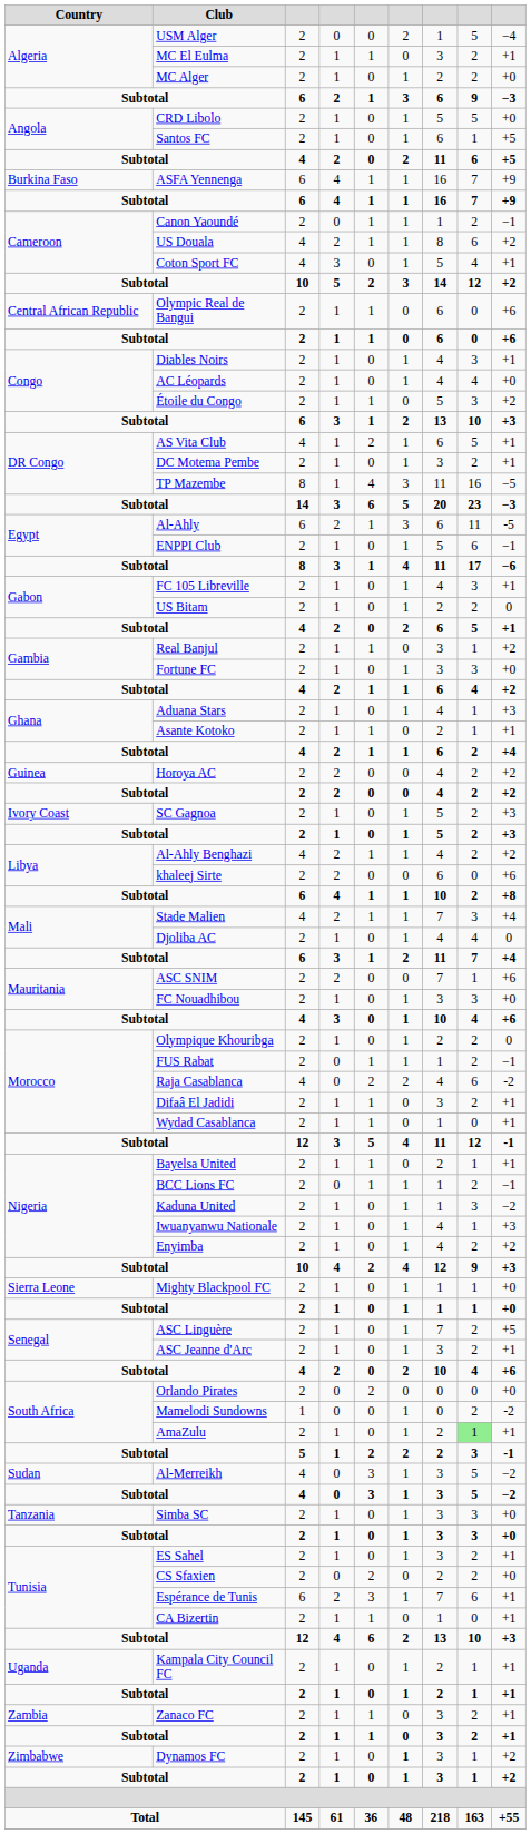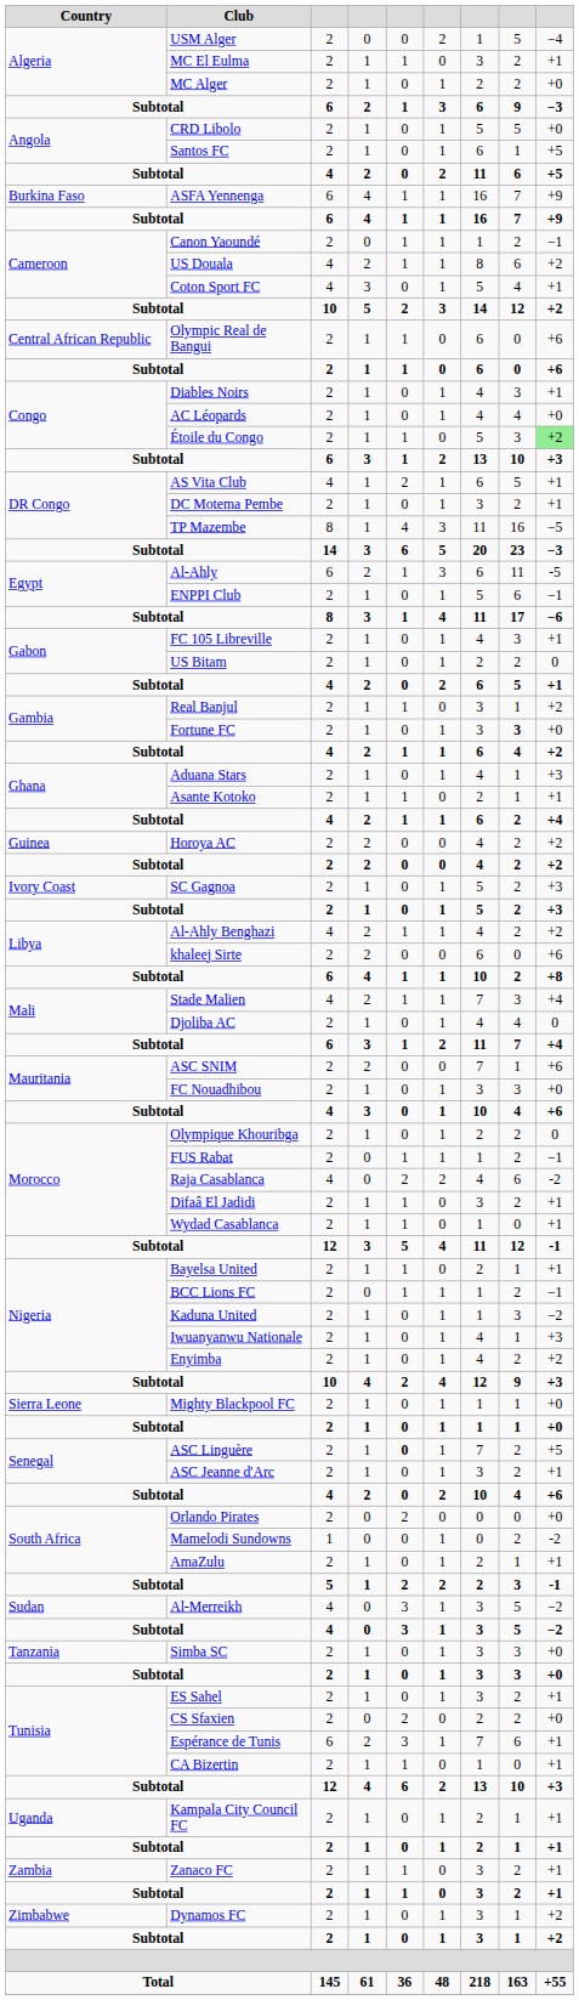 <table class="wikitable" style="text-align: center;">
 <tr>
 <th width="175" style="background:#DCDCDC">Country</th>
 <th width="155" style="background:#DCDCDC">Club</th>
 <th width="35" style="background:#DCDCDC"></th>
 <th width="35" style="background:#DCDCDC"></th>
 <th width="35" style="background:#DCDCDC"></th>
 <th width="35" style="background:#DCDCDC"></th>
 <th width="35" style="background:#DCDCDC"></th>
 <th width="35" style="background:#DCDCDC"></th>
 <th width="35" style="background:#DCDCDC"></th>
 </tr>
 <tr>
 <td rowspan=3 align=left> <a href='#'>Algeria</a></td>
 <td align=left><a href='#'>USM Alger</a></td>
 <td>2</td>
 <td>0</td>
 <td>0</td>
 <td>2</td>
 <td>1</td>
 <td>5</td>
 <td>−4</td>
 </tr>
 <tr>
 <td align=left><a href='#'>MC El Eulma</a></td>
 <td>2</td>
 <td>1</td>
 <td>1</td>
 <td>0</td>
 <td>3</td>
 <td>2</td>
 <td>+1</td>
 </tr>
 <tr>
 <td align=left><a href='#'>MC Alger</a></td>
 <td>2</td>
 <td>1</td>
 <td>0</td>
 <td>1</td>
 <td>2</td>
 <td>2</td>
 <td>+0</td>
 </tr>
 <tr>
 <td colspan=2 align-"center"><strong>Subtotal</strong></td>
 <td><strong>6</strong></td>
 <td><strong>2</strong></td>
 <td><strong>1</strong></td>
 <td><strong>3</strong></td>
 <td><strong>6</strong></td>
 <td><strong>9</strong></td>
 <td><strong>−3</strong></td>
 </tr>
 <tr>
 <td rowspan=2 align=left> <a href='#'>Angola</a></td>
 <td align=left><a href='#'>CRD Libolo</a></td>
 <td>2</td>
 <td>1</td>
 <td>0</td>
 <td>1</td>
 <td>5</td>
 <td>5</td>
 <td>+0</td>
 </tr>
 <tr>
 <td align=left><a href='#'>Santos FC</a></td>
 <td>2</td>
 <td>1</td>
 <td>0</td>
 <td>1</td>
 <td>6</td>
 <td>1</td>
 <td>+5</td>
 </tr>
 <tr>
 <td colspan=2 align-"center"><strong>Subtotal</strong></td>
 <td><strong>4</strong></td>
 <td><strong>2</strong></td>
 <td><strong>0</strong></td>
 <td><strong>2</strong></td>
 <td><strong>11</strong></td>
 <td><strong>6</strong></td>
 <td><strong>+5</strong></td>
 </tr>
 <tr>
 <td align=left> <a href='#'>Burkina Faso</a></td>
 <td align=left><a href='#'>ASFA Yennenga</a></td>
 <td>6</td>
 <td>4</td>
 <td>1</td>
 <td>1</td>
 <td>16</td>
 <td>7</td>
 <td>+9</td>
 </tr>
 <tr>
 <td colspan=2 align-"center"><strong>Subtotal</strong></td>
 <td><strong>6</strong></td>
 <td><strong>4</strong></td>
 <td><strong>1</strong></td>
 <td><strong>1</strong></td>
 <td><strong>16</strong></td>
 <td><strong>7</strong></td>
 <td><strong>+9</strong></td>
 </tr>
 <tr>
 <td rowspan=3 align=left> <a href='#'>Cameroon</a></td>
 <td align=left><a href='#'>Canon Yaoundé</a></td>
 <td>2</td>
 <td>0</td>
 <td>1</td>
 <td>1</td>
 <td>1</td>
 <td>2</td>
 <td>−1</td>
 </tr>
 <tr>
 <td align=left><a href='#'>US Douala</a></td>
 <td>4</td>
 <td>2</td>
 <td>1</td>
 <td>1</td>
 <td>8</td>
 <td>6</td>
 <td>+2</td>
 </tr>
 <tr>
 <td align=left><a href='#'>Coton Sport FC</a></td>
 <td>4</td>
 <td>3</td>
 <td>0</td>
 <td>1</td>
 <td>5</td>
 <td>4</td>
 <td>+1</td>
 </tr>
 <tr>
 <td colspan=2 align-"center"><strong>Subtotal</strong></td>
 <td><strong>10</strong></td>
 <td><strong>5</strong></td>
 <td><strong>2</strong></td>
 <td><strong>3</strong></td>
 <td><strong>14</strong></td>
 <td><strong>12</strong></td>
 <td><strong>+2</strong></td>
 </tr>
 <tr>
 <td align=left> <a href='#'>Central African Republic</a></td>
 <td align=left><a href='#'>Olympic Real de Bangui</a></td>
 <td>2</td>
 <td>1</td>
 <td>1</td>
 <td>0</td>
 <td>6</td>
 <td>0</td>
 <td>+6</td>
 </tr>
 <tr>
 <td colspan=2 align-"center"><strong>Subtotal</strong></td>
 <td><strong>2</strong></td>
 <td><strong>1</strong></td>
 <td><strong>1</strong></td>
 <td><strong>0</strong></td>
 <td><strong>6</strong></td>
 <td><strong>0</strong></td>
 <td><strong>+6</strong></td>
 </tr>
 <tr>
 <td rowspan=3 align=left> <a href='#'>Congo</a></td>
 <td align=left><a href='#'>Diables Noirs</a></td>
 <td>2</td>
 <td>1</td>
 <td>0</td>
 <td>1</td>
 <td>4</td>
 <td>3</td>
 <td>+1</td>
 </tr>
 <tr>
 <td align=left><a href='#'>AC Léopards</a></td>
 <td>2</td>
 <td>1</td>
 <td>0</td>
 <td>1</td>
 <td>4</td>
 <td>4</td>
 <td>+0</td>
 </tr>
 <tr>
 <td align=left><a href='#'>Étoile du Congo</a></td>
 <td>2</td>
 <td>1</td>
 <td>1</td>
 <td>0</td>
 <td>5</td>
 <td>3</td>
-<td>+2</td>
+<td style="background: lightgreen;">+2</td>
 </tr>
 <tr>
 <td colspan=2 align-"center"><strong>Subtotal</strong></td>
 <td><strong>6</strong></td>
 <td><strong>3</strong></td>
 <td><strong>1</strong></td>
 <td><strong>2</strong></td>
 <td><strong>13</strong></td>
 <td><strong>10</strong></td>
 <td><strong>+3</strong></td>
 </tr>
 <tr>
 <td rowspan=3 align=left> <a href='#'>DR Congo</a></td>
 <td align=left><a href='#'>AS Vita Club</a></td>
 <td>4</td>
 <td>1</td>
 <td>2</td>
 <td>1</td>
 <td>6</td>
 <td>5</td>
 <td>+1</td>
 </tr>
 <tr>
 <td align=left><a href='#'>DC Motema Pembe</a></td>
 <td>2</td>
 <td>1</td>
 <td>0</td>
 <td>1</td>
 <td>3</td>
 <td>2</td>
 <td>+1</td>
 </tr>
 <tr>
 <td align=left><a href='#'>TP Mazembe</a></td>
 <td>8</td>
 <td>1</td>
 <td>4</td>
 <td>3</td>
 <td>11</td>
 <td>16</td>
 <td>−5</td>
 </tr>
 <tr>
 <td colspan=2 align-"center"><strong>Subtotal</strong></td>
 <td><strong>14</strong></td>
 <td><strong>3</strong></td>
 <td><strong>6</strong></td>
 <td><strong>5</strong></td>
 <td><strong>20</strong></td>
 <td><strong>23</strong></td>
 <td><strong>−3</strong></td>
 </tr>
 <tr>
 <td rowspan=2 align=left> <a href='#'>Egypt</a></td>
 <td align=left><a href='#'>Al-Ahly</a></td>
 <td>6</td>
 <td>2</td>
 <td>1</td>
 <td>3</td>
 <td>6</td>
 <td>11</td>
 <td>-5</td>
 </tr>
 <tr>
 <td align=left><a href='#'>ENPPI Club</a></td>
 <td>2</td>
 <td>1</td>
 <td>0</td>
 <td>1</td>
 <td>5</td>
 <td>6</td>
 <td>−1</td>
 </tr>
 <tr>
 <td colspan=2 align-"center"><strong>Subtotal</strong></td>
 <td><strong>8</strong></td>
 <td><strong>3</strong></td>
 <td><strong>1</strong></td>
 <td><strong>4</strong></td>
 <td><strong>11</strong></td>
 <td><strong>17</strong></td>
 <td><strong>−6</strong></td>
 </tr>
 <tr>
 <td rowspan=2 align=left> <a href='#'>Gabon</a></td>
 <td align=left><a href='#'>FC 105 Libreville</a></td>
 <td>2</td>
 <td>1</td>
 <td>0</td>
 <td>1</td>
 <td>4</td>
 <td>3</td>
 <td>+1</td>
 </tr>
 <tr>
 <td align=left><a href='#'>US Bitam</a></td>
 <td>2</td>
 <td>1</td>
 <td>0</td>
 <td>1</td>
 <td>2</td>
 <td>2</td>
 <td>0</td>
 </tr>
 <tr>
 <td colspan=2 align-"center"><strong>Subtotal</strong></td>
 <td><strong>4</strong></td>
 <td><strong>2</strong></td>
 <td><strong>0</strong></td>
 <td><strong>2</strong></td>
 <td><strong>6</strong></td>
 <td><strong>5</strong></td>
 <td><strong>+1</strong></td>
 </tr>
 <tr>
 <td rowspan=2 align=left> <a href='#'>Gambia</a></td>
 <td align=left><a href='#'>Real Banjul</a></td>
 <td>2</td>
 <td>1</td>
 <td>1</td>
 <td>0</td>
 <td>3</td>
 <td>1</td>
 <td>+2</td>
 </tr>
 <tr>
 <td align=left><a href='#'>Fortune FC</a></td>
 <td>2</td>
 <td>1</td>
 <td>0</td>
 <td>1</td>
 <td>3</td>
-<td>3</td>
+<td><strong>3</strong></td>
 <td>+0</td>
 </tr>
 <tr>
 <td colspan=2 align-"center"><strong>Subtotal</strong></td>
 <td><strong>4</strong></td>
 <td><strong>2</strong></td>
 <td><strong>1</strong></td>
 <td><strong>1</strong></td>
 <td><strong>6</strong></td>
 <td><strong>4</strong></td>
 <td><strong>+2</strong></td>
 </tr>
 <tr>
 <td rowspan=2 align=left> <a href='#'>Ghana</a></td>
 <td align=left><a href='#'>Aduana Stars</a></td>
 <td>2</td>
 <td>1</td>
 <td>0</td>
 <td>1</td>
 <td>4</td>
 <td>1</td>
 <td>+3</td>
 </tr>
 <tr>
 <td align=left><a href='#'>Asante Kotoko</a></td>
 <td>2</td>
 <td>1</td>
 <td>1</td>
 <td>0</td>
 <td>2</td>
 <td>1</td>
 <td>+1</td>
 </tr>
 <tr>
 <td colspan=2 align-"center"><strong>Subtotal</strong></td>
 <td><strong>4</strong></td>
 <td><strong>2</strong></td>
 <td><strong>1</strong></td>
 <td><strong>1</strong></td>
 <td><strong>6</strong></td>
 <td><strong>2</strong></td>
 <td><strong>+4</strong></td>
 </tr>
 <tr>
 <td rowspan=1 align=left> <a href='#'>Guinea</a></td>
 <td align=left><a href='#'>Horoya AC</a></td>
 <td>2</td>
 <td>2</td>
 <td>0</td>
 <td>0</td>
 <td>4</td>
 <td>2</td>
 <td>+2</td>
 </tr>
 <tr>
 <td colspan=2 align-"center"><strong>Subtotal</strong></td>
 <td><strong>2</strong></td>
 <td><strong>2</strong></td>
 <td><strong>0</strong></td>
 <td><strong>0</strong></td>
 <td><strong>4</strong></td>
 <td><strong>2</strong></td>
 <td><strong>+2</strong></td>
 </tr>
 <tr>
 <td align=left> <a href='#'>Ivory Coast</a></td>
 <td align=left><a href='#'>SC Gagnoa</a></td>
 <td>2</td>
 <td>1</td>
 <td>0</td>
 <td>1</td>
 <td>5</td>
 <td>2</td>
 <td>+3</td>
 </tr>
 <tr>
 <td colspan=2 align-"center"><strong>Subtotal</strong></td>
 <td><strong>2</strong></td>
 <td><strong>1</strong></td>
 <td><strong>0</strong></td>
 <td><strong>1</strong></td>
 <td><strong>5</strong></td>
 <td><strong>2</strong></td>
 <td><strong>+3</strong></td>
 </tr>
 <tr>
 <td rowspan=2  align=left> <a href='#'>Libya</a></td>
 <td align=left><a href='#'>Al-Ahly Benghazi</a></td>
 <td>4</td>
 <td>2</td>
 <td>1</td>
 <td>1</td>
 <td>4</td>
 <td>2</td>
 <td>+2</td>
 </tr>
 <tr>
 <td align=left><a href='#'>khaleej Sirte</a></td>
 <td>2</td>
 <td>2</td>
 <td>0</td>
 <td>0</td>
 <td>6</td>
 <td>0</td>
 <td>+6</td>
 </tr>
 <tr>
 <td colspan=2 align-"center"><strong>Subtotal</strong></td>
 <td><strong>6</strong></td>
 <td><strong>4</strong></td>
 <td><strong>1</strong></td>
 <td><strong>1</strong></td>
 <td><strong>10</strong></td>
 <td><strong>2</strong></td>
 <td><strong>+8</strong></td>
 </tr>
 <tr>
 <td rowspan=2 align=left> <a href='#'>Mali</a></td>
 <td align=left><a href='#'>Stade Malien</a></td>
 <td>4</td>
 <td>2</td>
 <td>1</td>
 <td>1</td>
 <td>7</td>
 <td>3</td>
 <td>+4</td>
 </tr>
 <tr>
 <td align=left><a href='#'>Djoliba AC</a></td>
 <td>2</td>
 <td>1</td>
 <td>0</td>
 <td>1</td>
 <td>4</td>
 <td>4</td>
 <td>0</td>
 </tr>
 <tr>
 <td colspan=2 align-"center"><strong>Subtotal</strong></td>
 <td><strong>6</strong></td>
 <td><strong>3</strong></td>
 <td><strong>1</strong></td>
 <td><strong>2</strong></td>
 <td><strong>11</strong></td>
 <td><strong>7</strong></td>
 <td><strong>+4</strong></td>
 </tr>
 <tr>
 <td rowspan=2 align=left> <a href='#'>Mauritania</a></td>
 <td align=left><a href='#'>ASC SNIM</a></td>
 <td>2</td>
 <td>2</td>
 <td>0</td>
 <td>0</td>
 <td>7</td>
 <td>1</td>
 <td>+6</td>
 </tr>
 <tr>
 <td align=left><a href='#'>FC Nouadhibou</a></td>
 <td>2</td>
 <td>1</td>
 <td>0</td>
 <td>1</td>
 <td>3</td>
 <td>3</td>
 <td>+0</td>
 </tr>
 <tr>
 <td colspan=2 align-"center"><strong>Subtotal</strong></td>
 <td><strong>4</strong></td>
 <td><strong>3</strong></td>
 <td><strong>0</strong></td>
 <td><strong>1</strong></td>
 <td><strong>10</strong></td>
 <td><strong>4</strong></td>
 <td><strong>+6</strong></td>
 </tr>
 <tr>
 <td rowspan=5 align=left> <a href='#'>Morocco</a></td>
 <td align=left><a href='#'>Olympique Khouribga</a></td>
 <td>2</td>
 <td>1</td>
 <td>0</td>
 <td>1</td>
 <td>2</td>
 <td>2</td>
 <td>0</td>
 </tr>
 <tr>
 <td align=left><a href='#'>FUS Rabat</a></td>
 <td>2</td>
 <td>0</td>
 <td>1</td>
 <td>1</td>
 <td>1</td>
 <td>2</td>
 <td>−1</td>
 </tr>
 <tr>
 <td align=left><a href='#'>Raja Casablanca</a></td>
 <td>4</td>
 <td>0</td>
 <td>2</td>
 <td>2</td>
 <td>4</td>
 <td>6</td>
 <td>-2</td>
 </tr>
 <tr>
 <td align=left><a href='#'>Difaâ El Jadidi</a></td>
 <td>2</td>
 <td>1</td>
 <td>1</td>
 <td>0</td>
 <td>3</td>
 <td>2</td>
 <td>+1</td>
 </tr>
 <tr>
 <td align=left><a href='#'>Wydad Casablanca</a></td>
 <td>2</td>
 <td>1</td>
 <td>1</td>
 <td>0</td>
 <td>1</td>
 <td>0</td>
 <td>+1</td>
 </tr>
 <tr>
 <td colspan=2 align-"center"><strong>Subtotal</strong></td>
 <td><strong>12</strong></td>
 <td><strong>3</strong></td>
 <td><strong>5</strong></td>
 <td><strong>4</strong></td>
 <td><strong>11</strong></td>
 <td><strong>12</strong></td>
 <td><strong>-1</strong></td>
 </tr>
 <tr>
 <td rowspan=5 align=left> <a href='#'>Nigeria</a></td>
 <td align=left><a href='#'>Bayelsa United</a></td>
 <td>2</td>
 <td>1</td>
 <td>1</td>
 <td>0</td>
 <td>2</td>
 <td>1</td>
 <td>+1</td>
 </tr>
 <tr>
 <td align=left><a href='#'>BCC Lions FC</a></td>
 <td>2</td>
 <td>0</td>
 <td>1</td>
 <td>1</td>
 <td>1</td>
 <td>2</td>
 <td>−1</td>
 </tr>
 <tr>
 <td align=left><a href='#'>Kaduna United</a></td>
 <td>2</td>
 <td>1</td>
 <td>0</td>
 <td>1</td>
 <td>1</td>
 <td>3</td>
 <td>−2</td>
 </tr>
 <tr>
 <td align=left><a href='#'>Iwuanyanwu Nationale</a></td>
 <td>2</td>
 <td>1</td>
 <td>0</td>
 <td>1</td>
 <td>4</td>
 <td>1</td>
 <td>+3</td>
 </tr>
 <tr>
 <td align=left><a href='#'>Enyimba</a></td>
 <td>2</td>
 <td>1</td>
 <td>0</td>
 <td>1</td>
 <td>4</td>
 <td>2</td>
 <td>+2</td>
 </tr>
 <tr>
 <td colspan=2 align-"center"><strong>Subtotal</strong></td>
 <td><strong>10</strong></td>
 <td><strong>4</strong></td>
 <td><strong>2</strong></td>
 <td><strong>4</strong></td>
 <td><strong>12</strong></td>
 <td><strong>9</strong></td>
 <td><strong>+3</strong></td>
 </tr>
 <tr>
 <td align=left> <a href='#'>Sierra Leone</a></td>
 <td align=left><a href='#'>Mighty Blackpool FC</a></td>
 <td>2</td>
 <td>1</td>
 <td>0</td>
 <td>1</td>
 <td>1</td>
 <td>1</td>
 <td>+0</td>
 </tr>
 <tr>
 <td colspan=2 align-"center"><strong>Subtotal</strong></td>
 <td><strong>2</strong></td>
 <td><strong>1</strong></td>
 <td><strong>0</strong></td>
 <td><strong>1</strong></td>
 <td><strong>1</strong></td>
 <td><strong>1</strong></td>
 <td><strong>+0</strong></td>
 </tr>
 <tr>
 <td rowspan=2 align=left> <a href='#'>Senegal</a></td>
 <td align=left><a href='#'>ASC Linguère</a></td>
 <td>2</td>
 <td>1</td>
-<td>0</td>
+<td><strong>0</strong></td>
 <td>1</td>
 <td>7</td>
 <td>2</td>
 <td>+5</td>
 </tr>
 <tr>
 <td align=left><a href='#'>ASC Jeanne d'Arc</a></td>
 <td>2</td>
 <td>1</td>
 <td>0</td>
 <td>1</td>
 <td>3</td>
 <td>2</td>
 <td>+1</td>
 </tr>
 <tr>
 <td colspan=2 align-"center"><strong>Subtotal</strong></td>
 <td><strong>4</strong></td>
 <td><strong>2</strong></td>
 <td><strong>0</strong></td>
 <td><strong>2</strong></td>
 <td><strong>10</strong></td>
 <td><strong>4</strong></td>
 <td><strong>+6</strong></td>
 </tr>
 <tr>
 <td rowspan=3 align=left> <a href='#'>South Africa</a></td>
 <td align=left><a href='#'>Orlando Pirates</a></td>
 <td>2</td>
 <td>0</td>
 <td>2</td>
 <td>0</td>
 <td>0</td>
 <td>0</td>
 <td>+0</td>
 </tr>
 <tr>
 <td align=left><a href='#'>Mamelodi Sundowns</a></td>
 <td>1</td>
 <td>0</td>
 <td>0</td>
 <td>1</td>
 <td>0</td>
 <td>2</td>
 <td>-2</td>
 </tr>
 <tr>
 <td align=left><a href='#'>AmaZulu</a></td>
 <td>2</td>
 <td>1</td>
 <td>0</td>
 <td>1</td>
 <td>2</td>
-<td style="background: lightgreen;">1</td>
+<td>1</td>
 <td>+1</td>
 </tr>
 <tr>
 <td colspan=2 align-"center"><strong>Subtotal</strong></td>
 <td><strong>5</strong></td>
 <td><strong>1</strong></td>
 <td><strong>2</strong></td>
 <td><strong>2</strong></td>
 <td><strong>2</strong></td>
 <td><strong>3</strong></td>
 <td><strong>-1</strong></td>
 </tr>
 <tr>
 <td align=left> <a href='#'>Sudan</a></td>
 <td align=left><a href='#'>Al-Merreikh</a></td>
 <td>4</td>
 <td>0</td>
 <td>3</td>
 <td>1</td>
 <td>3</td>
 <td>5</td>
 <td>−2</td>
 </tr>
 <tr>
 <td colspan=2 align-"center"><strong>Subtotal</strong></td>
 <td><strong>4</strong></td>
 <td><strong>0</strong></td>
 <td><strong>3</strong></td>
 <td><strong>1</strong></td>
 <td><strong>3</strong></td>
 <td><strong>5</strong></td>
 <td><strong>−2</strong></td>
 </tr>
 <tr>
 <td align=left> <a href='#'>Tanzania</a></td>
 <td align=left><a href='#'>Simba SC</a></td>
 <td>2</td>
 <td>1</td>
 <td>0</td>
 <td>1</td>
 <td>3</td>
 <td>3</td>
 <td>+0</td>
 </tr>
 <tr>
 <td colspan=2 align-"center"><strong>Subtotal</strong></td>
 <td><strong>2</strong></td>
 <td><strong>1</strong></td>
 <td><strong>0</strong></td>
 <td><strong>1</strong></td>
 <td><strong>3</strong></td>
 <td><strong>3</strong></td>
 <td><strong>+0</strong></td>
 </tr>
 <tr>
 <td rowspan=4 align=left> <a href='#'>Tunisia</a></td>
 <td align=left><a href='#'>ES Sahel</a></td>
 <td>2</td>
 <td>1</td>
 <td>0</td>
 <td>1</td>
 <td>3</td>
 <td>2</td>
 <td>+1</td>
 </tr>
 <tr>
 <td align=left><a href='#'>CS Sfaxien</a></td>
 <td>2</td>
 <td>0</td>
 <td>2</td>
 <td>0</td>
 <td>2</td>
 <td>2</td>
 <td>+0</td>
 </tr>
 <tr>
 <td align=left><a href='#'>Espérance de Tunis</a></td>
 <td>6</td>
 <td>2</td>
 <td>3</td>
 <td>1</td>
 <td>7</td>
 <td>6</td>
 <td>+1</td>
 </tr>
 <tr>
 <td align=left><a href='#'>CA Bizertin</a></td>
 <td>2</td>
 <td>1</td>
 <td>1</td>
 <td>0</td>
 <td>1</td>
 <td>0</td>
 <td>+1</td>
 </tr>
 <tr>
 <td colspan=2 align-"center"><strong>Subtotal</strong></td>
 <td><strong>12</strong></td>
 <td><strong>4</strong></td>
 <td><strong>6</strong></td>
 <td><strong>2</strong></td>
 <td><strong>13</strong></td>
 <td><strong>10</strong></td>
 <td><strong>+3</strong></td>
 </tr>
 <tr>
 <td align=left> <a href='#'>Uganda</a></td>
 <td align=left><a href='#'>Kampala City Council FC</a></td>
 <td>2</td>
 <td>1</td>
 <td>0</td>
 <td>1</td>
 <td>2</td>
 <td>1</td>
 <td>+1</td>
 </tr>
 <tr>
 <td colspan=2 align-"center"><strong>Subtotal</strong></td>
 <td><strong>2</strong></td>
 <td><strong>1</strong></td>
 <td><strong>0</strong></td>
 <td><strong>1</strong></td>
 <td><strong>2</strong></td>
 <td><strong>1</strong></td>
 <td><strong>+1</strong></td>
 </tr>
 <tr>
 <td align=left> <a href='#'>Zambia</a></td>
 <td align=left><a href='#'>Zanaco FC</a></td>
 <td>2</td>
 <td>1</td>
 <td>1</td>
 <td>0</td>
 <td>3</td>
 <td>2</td>
 <td>+1</td>
 </tr>
 <tr>
 <td colspan=2 align-"center"><strong>Subtotal</strong></td>
 <td><strong>2</strong></td>
 <td><strong>1</strong></td>
 <td><strong>1</strong></td>
 <td><strong>0</strong></td>
 <td><strong>3</strong></td>
 <td><strong>2</strong></td>
 <td><strong>+1</strong></td>
 </tr>
 <tr>
 <td align=left> <a href='#'>Zimbabwe</a></td>
 <td align=left><a href='#'>Dynamos FC</a></td>
 <td>2</td>
 <td>1</td>
 <td>0</td>
-<td><strong>1</strong></td>
+<td>1</td>
 <td>3</td>
 <td>1</td>
 <td>+2</td>
 </tr>
 <tr>
 <td colspan=2 align-"center"><strong>Subtotal</strong></td>
 <td><strong>2</strong></td>
 <td><strong>1</strong></td>
 <td><strong>0</strong></td>
 <td><strong>1</strong></td>
 <td><strong>3</strong></td>
 <td><strong>1</strong></td>
 <td><strong>+2</strong></td>
 </tr>
 <tr>
 <th colspan=9 height="18" style="background:#DCDCDC"></th>
 </tr>
 <tr>
 <td colspan=2 align-"center"><strong>Total</strong></td>
 <td><strong>145</strong></td>
 <td><strong>61</strong></td>
 <td><strong>36</strong></td>
 <td><strong>48</strong></td>
 <td><strong>218</strong></td>
 <td><strong>163</strong></td>
 <td><strong>+55</strong></td>
 </tr>
 <tr>
 </tr>
 </table>
